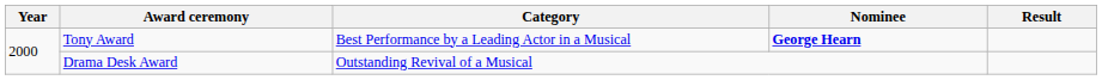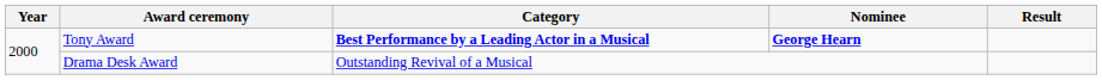 <table class="wikitable" width="95%">
 <tr>
 <th width="5%">Year</th>
 <th width="25%">Award ceremony</th>
 <th width="40%">Category</th>
 <th width="20%">Nominee</th>
 <th width="10%">Result</th>
 </tr>
 <tr>
 <td rowspan="2">2000</td>
 <td><a href='#'>Tony Award</a></td>
-<td><a href='#'>Best Performance by a Leading Actor in a Musical</a></td>
+<td><strong><a href='#'>Best Performance by a Leading Actor in a Musical</a></strong></td>
 <td><strong><a href='#'>George Hearn</a></strong></td>
 <td></td>
 </tr>
 <tr>
 <td><a href='#'>Drama Desk Award</a></td>
 <td colspan="2"><a href='#'>Outstanding Revival of a Musical</a></td>
 <td></td>
 </tr>
 </table>
